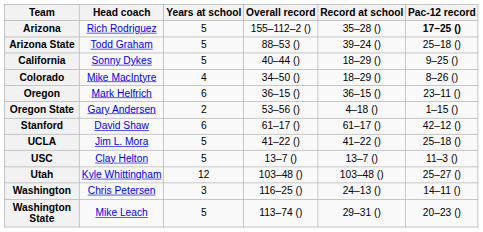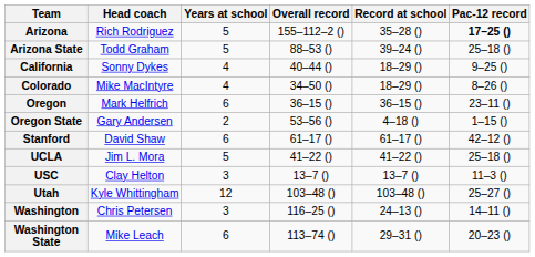 <table class="wikitable sortable" style="text-align: center;">
 <tr>
 <th style="width:110px;">Team</th>
 <th>Head coach</th>
 <th>Years at school</th>
 <th>Overall record</th>
 <th>Record at school</th>
 <th>Pac-12 record</th>
 </tr>
 <tr>
 <th>Arizona</th>
 <td><a href='#'>Rich Rodriguez</a></td>
 <td>5</td>
 <td>155–112–2 ()</td>
 <td>35–28 ()</td>
 <td><strong>17–25 ()</strong></td>
 </tr>
 <tr>
 <th>Arizona State</th>
 <td><a href='#'>Todd Graham</a></td>
 <td>5</td>
 <td>88–53 ()</td>
 <td>39–24 ()</td>
 <td>25–18 ()</td>
 </tr>
 <tr>
 <th>California</th>
 <td><a href='#'>Sonny Dykes</a></td>
-<td>5</td>
+<td>4</td>
 <td>40–44 ()</td>
 <td>18–29 ()</td>
 <td>9–25 ()</td>
 </tr>
 <tr>
 <th>Colorado</th>
 <td><a href='#'>Mike MacIntyre</a></td>
 <td>4</td>
 <td>34–50 ()</td>
 <td>18–29 ()</td>
 <td>8–26 ()</td>
 </tr>
 <tr>
 <th>Oregon</th>
 <td><a href='#'>Mark Helfrich</a></td>
 <td>6</td>
 <td>36–15 ()</td>
 <td>36–15 ()</td>
 <td>23–11  ()</td>
 </tr>
 <tr>
 <th>Oregon State</th>
 <td><a href='#'>Gary Andersen</a></td>
 <td>2</td>
 <td>53–56 ()</td>
 <td>4–18 ()</td>
 <td>1–15 ()</td>
 </tr>
 <tr>
 <th>Stanford</th>
 <td><a href='#'>David Shaw</a></td>
 <td>6</td>
 <td>61–17 ()</td>
 <td>61–17 ()</td>
 <td>42–12 ()</td>
 </tr>
 <tr>
 <th>UCLA</th>
 <td><a href='#'>Jim L. Mora</a></td>
 <td>5</td>
 <td>41–22 ()</td>
 <td>41–22 ()</td>
 <td>25–18 ()</td>
 </tr>
 <tr>
 <th>USC</th>
 <td><a href='#'>Clay Helton</a></td>
-<td>5</td>
+<td>3</td>
 <td>13–7 ()</td>
 <td>13–7 ()</td>
 <td>11–3 ()</td>
 </tr>
 <tr>
 <th>Utah</th>
 <td><a href='#'>Kyle Whittingham</a></td>
 <td>12</td>
 <td>103–48 ()</td>
 <td>103–48 ()</td>
 <td>25–27 ()</td>
 </tr>
 <tr>
 <th>Washington</th>
 <td><a href='#'>Chris Petersen</a></td>
 <td>3</td>
 <td>116–25 ()</td>
 <td>24–13 ()</td>
 <td>14–11 ()</td>
 </tr>
 <tr>
 <th>Washington State</th>
 <td><a href='#'>Mike Leach</a></td>
-<td>5</td>
+<td>6</td>
 <td>113–74 ()</td>
 <td>29–31 ()</td>
 <td>20–23 ()</td>
 </tr>
 </table>
